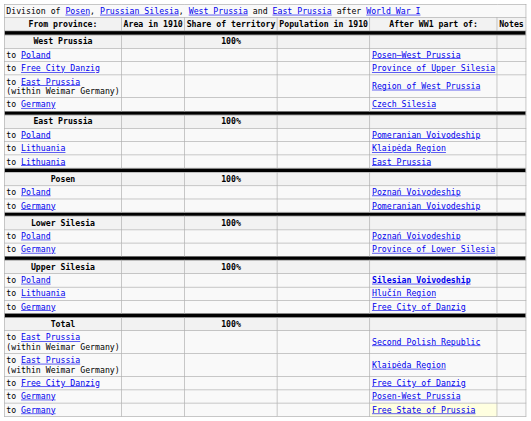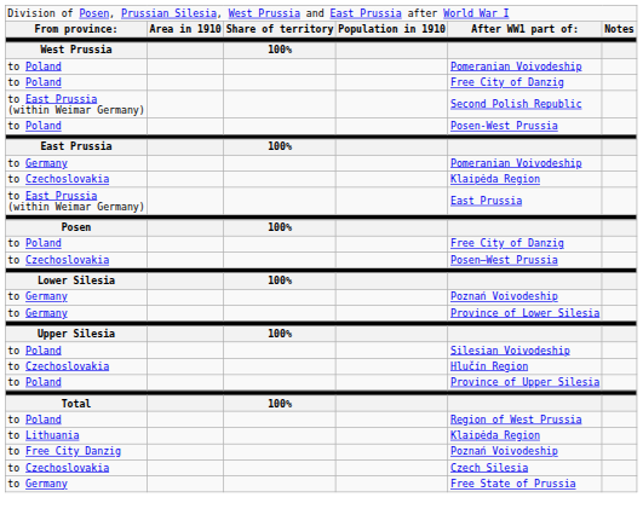 <table class="wikitable">
 <tr>
 <td colspan="6">Division of <a href='#'>Posen</a>, <a href='#'>Prussian Silesia</a>, <a href='#'>West Prussia</a> and <a href='#'>East Prussia</a> after <a href='#'>World War I</a></td>
 </tr>
 <tr>
 <th>From province:</th>
 <th>Area in 1910</th>
 <th>Share of territory</th>
 <th>Population in 1910</th>
 <th>After WW1 part of:</th>
 <th>Notes</th>
 </tr>
 <tr>
 <td colspan=6 style="background:#000000"></td>
 </tr>
 <tr>
 <th>West Prussia</th>
 <th></th>
 <th>100%</th>
 <th></th>
 <th></th>
 <th></th>
 </tr>
 <tr>
 <td>to <a href='#'>Poland</a></td>
 <td><strong></strong></td>
 <td><strong></strong></td>
 <td><strong></strong></td>
-<td><a href='#'>Posen–West Prussia</a></td>
+<td><a href='#'>Pomeranian Voivodeship</a></td>
 <td></td>
 </tr>
 <tr>
-<td>to <a href='#'>Free City Danzig</a></td>
+<td>to <a href='#'>Poland</a></td>
 <td></td>
 <td><strong></strong></td>
 <td><strong></strong></td>
-<td><a href='#'>Province of Upper Silesia</a></td>
+<td><a href='#'>Free City of Danzig</a></td>
 <td></td>
 </tr>
 <tr>
 <td>to <a href='#'>East Prussia</a><br>(within Weimar Germany)</td>
 <td></td>
 <td><strong></strong></td>
 <td><strong></strong></td>
-<td><a href='#'>Region of West Prussia</a></td>
+<td><a href='#'>Second Polish Republic</a></td>
 <td></td>
 </tr>
 <tr>
-<td>to <a href='#'>Germany</a></td>
+<td>to <a href='#'>Poland</a></td>
 <td></td>
 <td><strong></strong></td>
 <td><strong></strong></td>
-<td><a href='#'>Czech Silesia</a></td>
+<td><a href='#'>Posen-West Prussia</a></td>
 <td></td>
 </tr>
 <tr>
 <td colspan=6 style="background:#000000"></td>
 </tr>
 <tr>
 <th>East Prussia</th>
 <th></th>
 <th>100%</th>
 <th></th>
 <th></th>
 <th></th>
 </tr>
 <tr>
-<td>to <a href='#'>Poland</a></td>
+<td>to <a href='#'>Germany</a></td>
 <td><strong></strong></td>
 <td><strong></strong></td>
 <td><strong></strong></td>
 <td><a href='#'>Pomeranian Voivodeship</a><br></td>
 <td></td>
 </tr>
 <tr>
-<td>to <a href='#'>Lithuania</a></td>
+<td>to <a href='#'>Czechoslovakia</a></td>
 <td><strong></strong></td>
 <td><strong></strong></td>
 <td><strong></strong></td>
 <td><a href='#'>Klaipėda Region</a></td>
 <td></td>
 </tr>
 <tr>
-<td>to <a href='#'>Lithuania</a></td>
+<td>to <a href='#'>East Prussia</a><br>(within Weimar Germany)</td>
 <td><strong></strong></td>
 <td><strong></strong></td>
 <td><strong></strong></td>
 <td><a href='#'>East Prussia</a></td>
 <td></td>
 </tr>
 <tr>
 <td colspan=6 style="background:#000000"></td>
 </tr>
 <tr>
 <th>Posen</th>
 <th></th>
 <th>100%</th>
 <th></th>
 <th></th>
 <th></th>
 </tr>
 <tr>
 <td>to <a href='#'>Poland</a></td>
 <td><strong></strong></td>
 <td><strong></strong></td>
 <td><strong></strong></td>
-<td><a href='#'>Poznań Voivodeship</a></td>
+<td><a href='#'>Free City of Danzig</a></td>
 <td></td>
 </tr>
 <tr>
-<td>to <a href='#'>Germany</a></td>
+<td>to <a href='#'>Czechoslovakia</a></td>
 <td><strong></strong></td>
 <td><strong></strong></td>
 <td><strong></strong></td>
-<td><a href='#'>Pomeranian Voivodeship</a></td>
+<td><a href='#'>Posen–West Prussia</a></td>
 <td></td>
 </tr>
 <tr>
 <td colspan=6 style="background:#000000"></td>
 </tr>
 <tr>
 <th>Lower Silesia</th>
 <th></th>
 <th>100%</th>
 <th></th>
 <th></th>
 <th></th>
 </tr>
 <tr>
-<td>to <a href='#'>Poland</a></td>
+<td>to <a href='#'>Germany</a></td>
 <td><strong></strong></td>
 <td><strong></strong></td>
 <td><strong></strong></td>
 <td><a href='#'>Poznań Voivodeship</a><br></td>
 <td></td>
 </tr>
 <tr>
 <td>to <a href='#'>Germany</a></td>
 <td><strong></strong></td>
 <td><strong></strong></td>
 <td><strong></strong></td>
 <td><a href='#'>Province of Lower Silesia</a></td>
 <td></td>
 </tr>
 <tr>
 <td colspan=6 style="background:#000000"></td>
 </tr>
 <tr>
 <th>Upper Silesia</th>
 <th></th>
 <th>100%</th>
 <th></th>
 <th></th>
 <th></th>
 </tr>
 <tr>
 <td>to <a href='#'>Poland</a></td>
 <td><strong></strong></td>
 <td><strong></strong></td>
 <td><strong></strong></td>
-<td><strong><a href='#'>Silesian Voivodeship</a></strong></td>
+<td><a href='#'>Silesian Voivodeship</a></td>
 <td></td>
 </tr>
 <tr>
-<td>to <a href='#'>Lithuania</a></td>
+<td>to <a href='#'>Czechoslovakia</a></td>
 <td></td>
 <td><strong></strong></td>
 <td><strong></strong></td>
 <td><a href='#'>Hlučín Region</a></td>
 <td></td>
 </tr>
 <tr>
-<td>to <a href='#'>Germany</a></td>
+<td>to <a href='#'>Poland</a></td>
 <td><strong></strong></td>
 <td><strong></strong></td>
 <td><strong></strong></td>
-<td><a href='#'>Free City of Danzig</a></td>
+<td><a href='#'>Province of Upper Silesia</a></td>
 <td></td>
 </tr>
 <tr>
 <td colspan=6 style="background:#000000"></td>
 </tr>
 <tr>
 <th>Total</th>
 <th></th>
 <th>100%</th>
 <th></th>
 <th></th>
 <th></th>
 </tr>
 <tr>
-<td>to <a href='#'>East Prussia</a><br>(within Weimar Germany)</td>
+<td>to <a href='#'>Poland</a></td>
 <td><strong></strong></td>
 <td><strong></strong></td>
 <td><strong></strong></td>
-<td><a href='#'>Second Polish Republic</a></td>
+<td><a href='#'>Region of West Prussia</a></td>
 <td></td>
 </tr>
 <tr>
-<td>to <a href='#'>East Prussia</a><br>(within Weimar Germany)</td>
+<td>to <a href='#'>Lithuania</a></td>
 <td><strong></strong></td>
 <td><strong></strong></td>
 <td><strong></strong></td>
 <td><a href='#'>Klaipėda Region</a></td>
 <td></td>
 </tr>
 <tr>
 <td>to <a href='#'>Free City Danzig</a></td>
 <td></td>
 <td><strong></strong></td>
 <td><strong></strong></td>
-<td><a href='#'>Free City of Danzig</a></td>
+<td><a href='#'>Poznań Voivodeship</a></td>
 <td></td>
 </tr>
 <tr>
-<td>to <a href='#'>Germany</a></td>
+<td>to <a href='#'>Czechoslovakia</a></td>
 <td></td>
 <td><strong></strong></td>
 <td><strong></strong></td>
-<td><a href='#'>Posen-West Prussia</a></td>
+<td><a href='#'>Czech Silesia</a></td>
 <td></td>
 </tr>
 <tr>
 <td>to <a href='#'>Germany</a></td>
 <td><strong></strong></td>
 <td><strong></strong></td>
 <td><strong></strong></td>
-<td style="background: lightyellow;"><a href='#'>Free State of Prussia</a></td>
+<td><a href='#'>Free State of Prussia</a></td>
 <td></td>
 </tr>
 </table>
